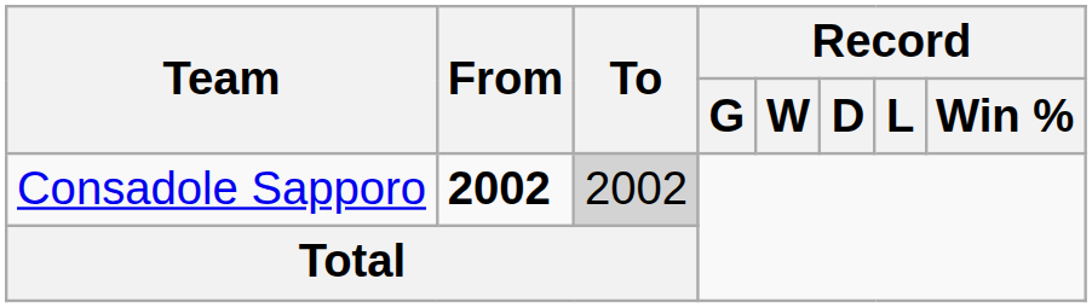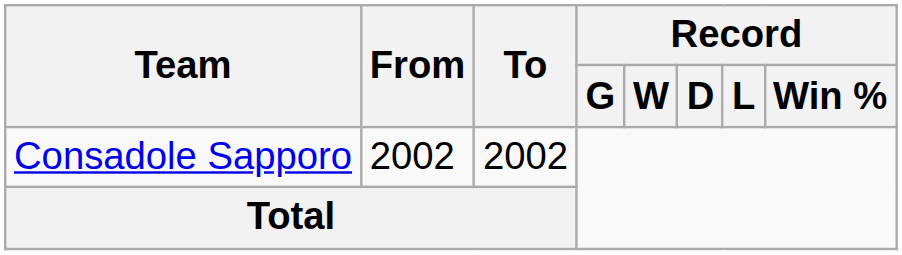 <table class="wikitable" style="text-align: center">
 <tr>
 <th rowspan="2">Team</th>
 <th rowspan="2">From</th>
 <th rowspan="2">To</th>
 <th colspan="5">Record</th>
 </tr>
 <tr>
 <th>G</th>
 <th>W</th>
 <th>D</th>
 <th>L</th>
 <th>Win %</th>
 </tr>
 <tr>
 <td align="left"><a href='#'>Consadole Sapporo</a></td>
-<td align="left"><strong>2002</strong></td>
-<td align="left" style="background: lightgrey;">2002<br></td>
+<td align="left">2002</td>
+<td align="left">2002<br></td>
 </tr>
 <tr>
 <th colspan="3">Total<br></th>
 </tr>
 </table>
